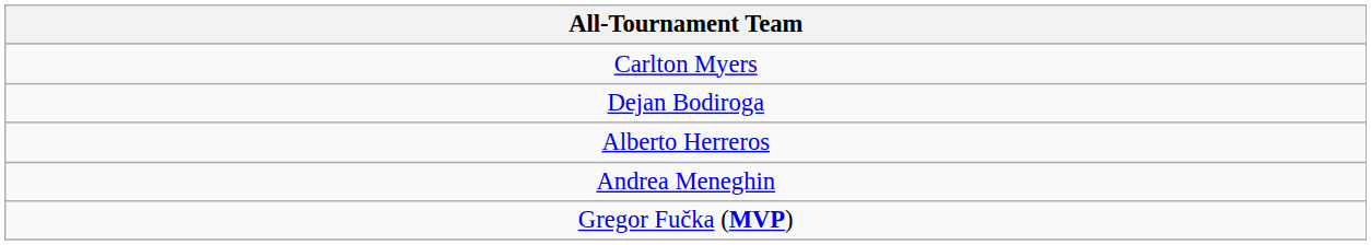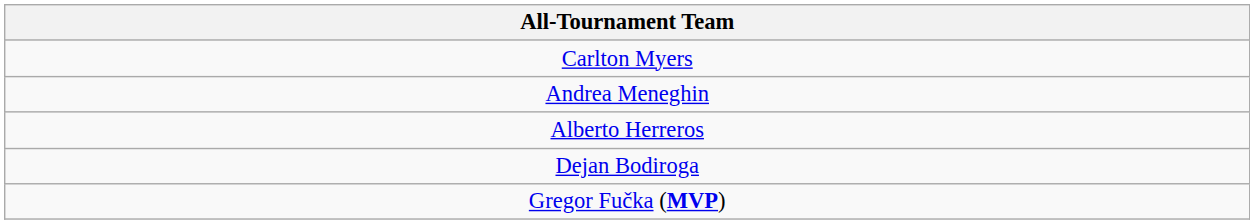 <table class="wikitable sortable" style="text-align:center; width: 100%">
 <tr>
 <th>All-Tournament Team</th>
 </tr>
 <tr>
 <td> <a href='#'>Carlton Myers</a></td>
 </tr>
 <tr>
-<td> <a href='#'>Dejan Bodiroga</a></td>
+<td> <a href='#'>Andrea Meneghin</a></td>
 </tr>
 <tr>
 <td> <a href='#'>Alberto Herreros</a></td>
 </tr>
 <tr>
-<td> <a href='#'>Andrea Meneghin</a></td>
+<td> <a href='#'>Dejan Bodiroga</a></td>
 </tr>
 <tr>
 <td> <a href='#'>Gregor Fučka</a> (<strong><a href='#'>MVP</a></strong>)</td>
 </tr>
 </table>
